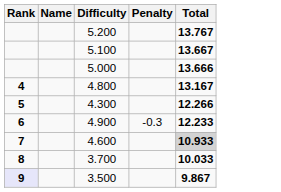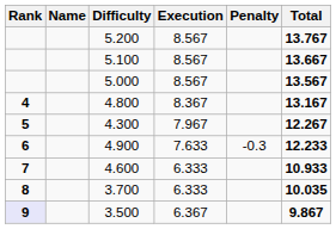 <table class="wikitable sortable" style="text-align:center">
 <tr>
 <th>Rank</th>
 <th>Name</th>
 <th>Difficulty</th>
+<th>Execution</th>
 <th>Penalty</th>
 <th>Total</th>
 </tr>
 <tr>
 <td></td>
 <td align="left"></td>
 <td>5.200</td>
+<td>8.567</td>
 <td></td>
 <td><strong>13.767</strong></td>
 </tr>
 <tr>
 <td></td>
 <td align="left"></td>
 <td>5.100</td>
+<td>8.567</td>
 <td></td>
 <td><strong>13.667</strong></td>
 </tr>
 <tr>
 <td></td>
 <td align="left"></td>
 <td>5.000</td>
+<td>8.567</td>
 <td></td>
-<td><strong>13.666</strong></td>
+<td><strong>13.567</strong></td>
 </tr>
 <tr>
 <td><strong>4</strong></td>
 <td align="left"></td>
 <td>4.800</td>
+<td>8.367</td>
 <td></td>
 <td><strong>13.167</strong></td>
 </tr>
 <tr>
 <td><strong>5</strong></td>
 <td align="left"></td>
 <td>4.300</td>
+<td>7.967</td>
 <td></td>
-<td><strong>12.266</strong></td>
+<td><strong>12.267</strong></td>
 </tr>
 <tr>
 <td><strong>6</strong></td>
 <td align="left"></td>
 <td>4.900</td>
+<td>7.633</td>
 <td>-0.3</td>
 <td><strong>12.233</strong></td>
 </tr>
 <tr>
 <td><strong>7</strong></td>
 <td align="left"></td>
 <td>4.600</td>
+<td>6.333</td>
 <td></td>
-<td style="background: lightgrey;"><strong>10.933</strong></td>
+<td><strong>10.933</strong></td>
 </tr>
 <tr>
 <td><strong>8</strong></td>
 <td align="left"></td>
 <td>3.700</td>
+<td>6.333</td>
 <td></td>
-<td><strong>10.033</strong></td>
+<td><strong>10.035</strong></td>
 </tr>
 <tr>
 <td style="background: lavender;"><strong>9</strong></td>
 <td align="left"></td>
 <td>3.500</td>
+<td>6.367</td>
 <td></td>
 <td><strong>9.867</strong></td>
 </tr>
 </table>
